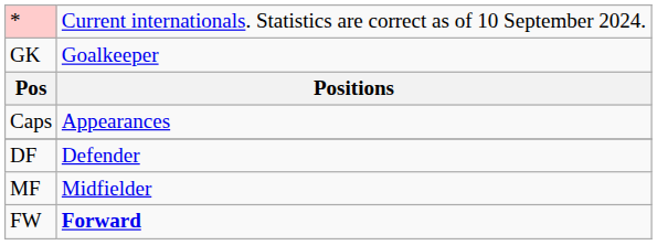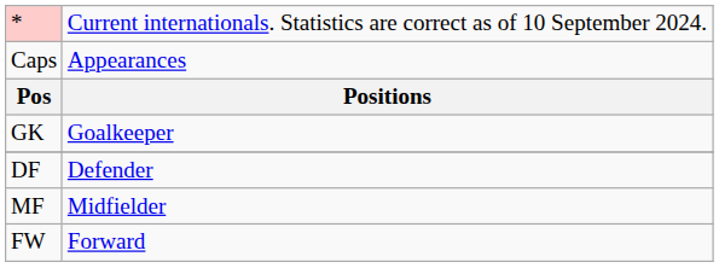 <table class="wikitable">
 <tr>
 <td style="background-color:#FFCCCC">*</td>
 <td><a href='#'>Current internationals</a>. Statistics are correct as of 10 September 2024.</td>
 </tr>
 <tr>
-<td>GK</td>
-<td><a href='#'>Goalkeeper</a></td>
+<td>Caps</td>
+<td><a href='#'>Appearances</a></td>
 </tr>
 <tr>
 <th>Pos</th>
 <th style="align: left">Positions</th>
 </tr>
 <tr>
-<td>Caps</td>
-<td><a href='#'>Appearances</a></td>
+<td>GK</td>
+<td><a href='#'>Goalkeeper</a></td>
 </tr>
 <tr>
 </tr>
 <tr>
 <td>DF</td>
 <td><a href='#'>Defender</a></td>
 </tr>
 <tr>
 <td>MF</td>
 <td><a href='#'>Midfielder</a></td>
 </tr>
 <tr>
 <td>FW</td>
-<td><strong><a href='#'>Forward</a></strong></td>
+<td><a href='#'>Forward</a></td>
 </tr>
 </table>
